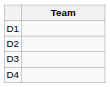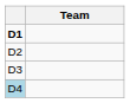 <table class="wikitable" style="display:inline-table;">
 <tr>
 <th></th>
 <th width=130>Team</th>
 </tr>
 <tr>
-<td align=center>D1</td>
+<td align=center><strong>D1</strong></td>
 <td></td>
 </tr>
 <tr>
 <td align=center>D2</td>
 <td></td>
 </tr>
 <tr>
 <td align=center>D3</td>
 <td></td>
 </tr>
 <tr>
-<td align=center>D4</td>
+<td align=center style="background: lightblue;">D4</td>
 <td></td>
 </tr>
 </table>
